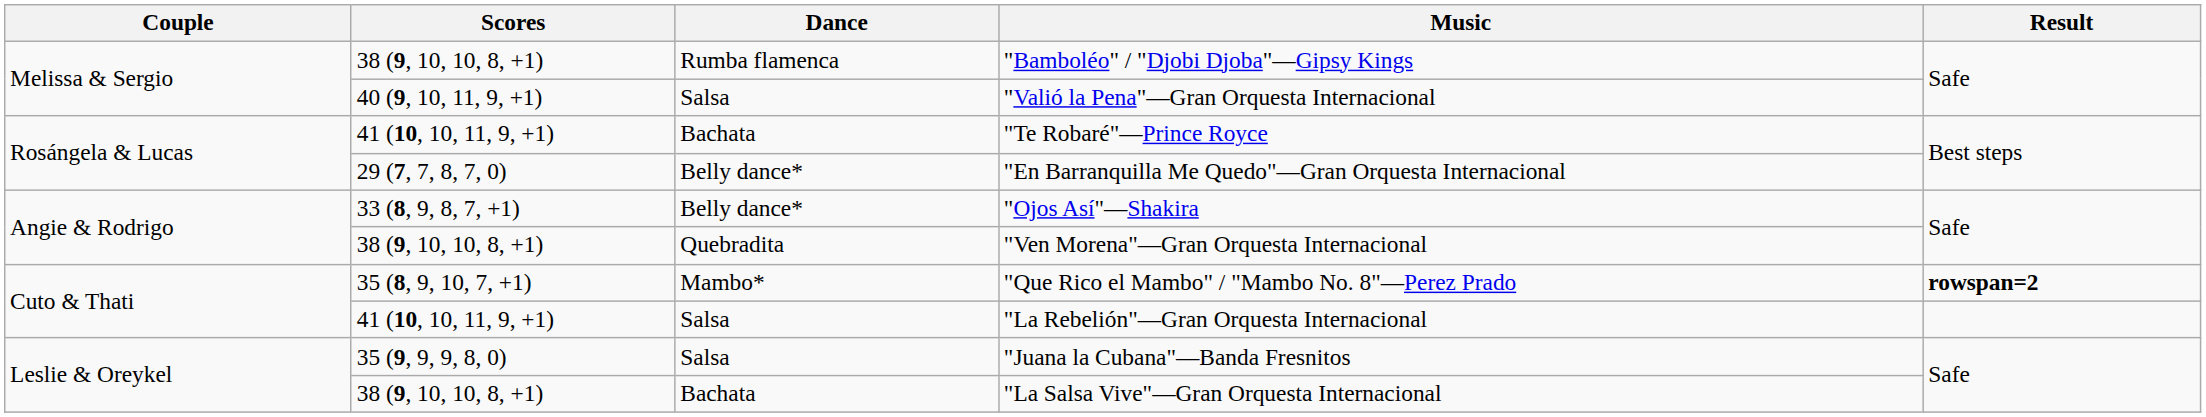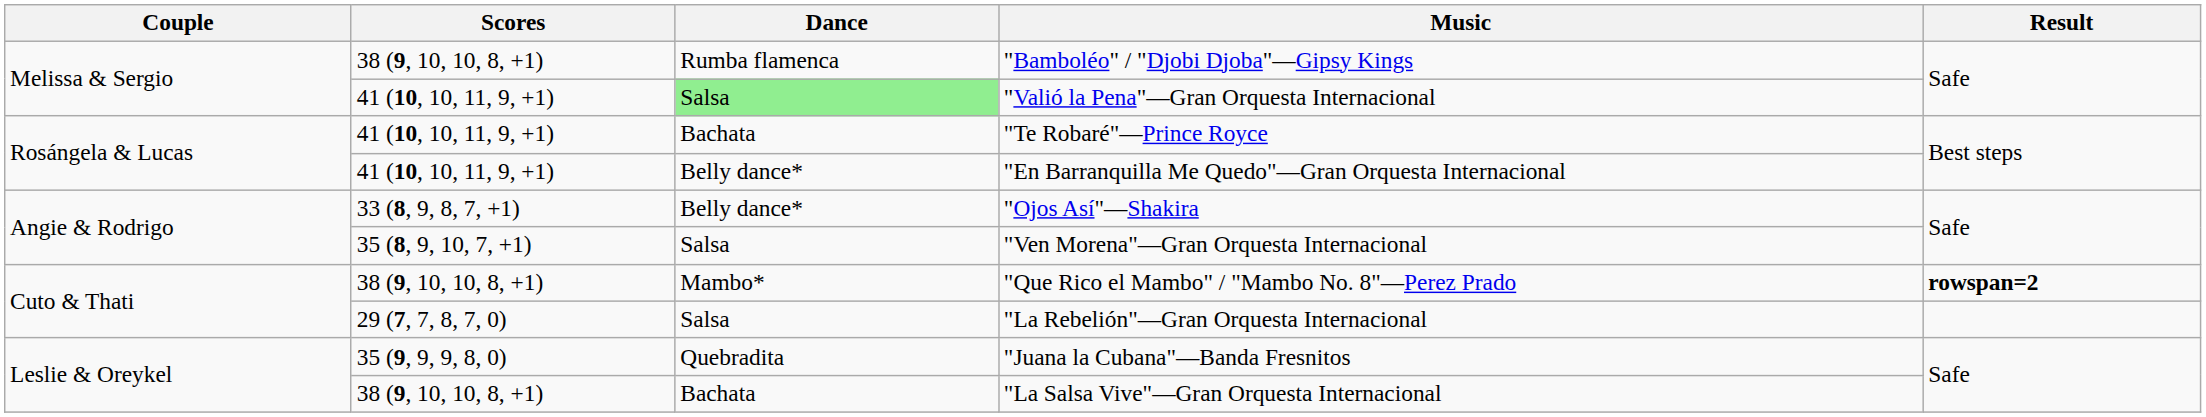 <table class="wikitable sortable" style="width:95%; white-space:nowrap">
 <tr>
 <th style="width:15%;">Couple</th>
 <th style="width:14%;">Scores</th>
 <th style="width:14%;">Dance</th>
 <th style="width:40%;">Music</th>
 <th style="width:12%;">Result</th>
 </tr>
 <tr>
 <td rowspan=2>Melissa & Sergio</td>
 <td>38 (<strong>9</strong>, 10, 10, 8, +1)</td>
 <td> Rumba flamenca</td>
 <td>"<a href='#'>Bamboléo</a>" / "<a href='#'>Djobi Djoba</a>"—<a href='#'>Gipsy Kings</a></td>
 <td rowspan=2>Safe</td>
 </tr>
 <tr>
-<td>40 (<strong>9</strong>, 10, 11, 9, +1)</td>
-<td>Salsa</td>
+<td>41 (<strong>10</strong>, 10, 11, 9, +1)</td>
+<td style="background: lightgreen;">Salsa</td>
 <td>"<a href='#'>Valió la Pena</a>"—Gran Orquesta Internacional</td>
 </tr>
 <tr>
 <td rowspan=2>Rosángela & Lucas</td>
 <td>41 (<strong>10</strong>, 10, 11, 9, +1)</td>
 <td> Bachata</td>
 <td>"Te Robaré"—<a href='#'>Prince Royce</a></td>
 <td rowspan=2>Best steps</td>
 </tr>
 <tr>
-<td>29 (<strong>7</strong>, 7, 8, 7, 0)</td>
+<td>41 (<strong>10</strong>, 10, 11, 9, +1)</td>
 <td> Belly dance*</td>
 <td>"En Barranquilla Me Quedo"—Gran Orquesta Internacional</td>
 </tr>
 <tr>
 <td rowspan=2>Angie & Rodrigo</td>
 <td>33 (<strong>8</strong>, 9, 8, 7, +1)</td>
 <td> Belly dance*</td>
 <td>"<a href='#'>Ojos Así</a>"—<a href='#'>Shakira</a></td>
 <td rowspan=2>Safe</td>
 </tr>
 <tr>
-<td>38 (<strong>9</strong>, 10, 10, 8, +1)</td>
-<td> Quebradita</td>
+<td>35 (<strong>8</strong>, 9, 10, 7, +1)</td>
+<td>Salsa</td>
 <td>"Ven Morena"—Gran Orquesta Internacional</td>
 </tr>
 <tr>
 <td rowspan=2>Cuto & Thati</td>
-<td>35 (<strong>8</strong>, 9, 10, 7, +1)</td>
+<td>38 (<strong>9</strong>, 10, 10, 8, +1)</td>
 <td> Mambo*</td>
 <td>"Que Rico el Mambo" / "Mambo No. 8"—<a href='#'>Perez Prado</a></td>
 <td><strong>rowspan=2 </strong></td>
 </tr>
 <tr>
-<td>41 (<strong>10</strong>, 10, 11, 9, +1)</td>
+<td>29 (<strong>7</strong>, 7, 8, 7, 0)</td>
 <td>Salsa</td>
 <td>"La Rebelión"—Gran Orquesta Internacional</td>
 </tr>
 <tr>
 <td rowspan=2>Leslie & Oreykel</td>
 <td>35 (<strong>9</strong>, 9, 9, 8, 0)</td>
-<td>Salsa</td>
+<td> Quebradita</td>
 <td>"Juana la Cubana"—Banda Fresnitos</td>
 <td rowspan=2>Safe</td>
 </tr>
 <tr>
 <td>38 (<strong>9</strong>, 10, 10, 8, +1)</td>
 <td> Bachata</td>
 <td>"La Salsa Vive"—Gran Orquesta Internacional</td>
 </tr>
 </table>
